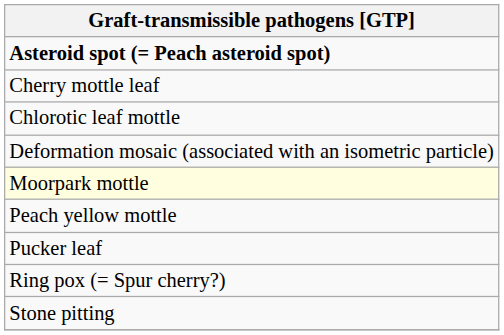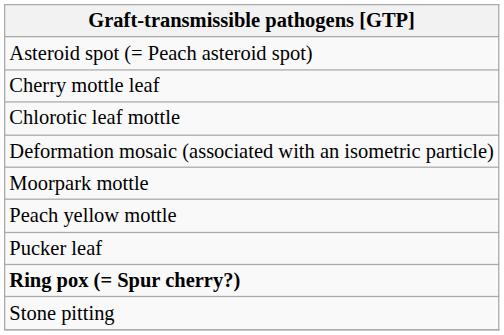 <table class="wikitable" style="clear">
 <tr>
 <th colspan=1><strong>Graft-transmissible pathogens [GTP]</strong><br></th>
 </tr>
 <tr>
-<td><strong>Asteroid spot (= Peach asteroid spot)</strong></td>
+<td>Asteroid spot (= Peach asteroid spot)</td>
 </tr>
 <tr>
 <td>Cherry mottle leaf</td>
 </tr>
 <tr>
 <td>Chlorotic leaf mottle</td>
 </tr>
 <tr>
 <td>Deformation mosaic (associated with an isometric particle)</td>
 </tr>
 <tr>
-<td style="background: lightyellow;">Moorpark mottle</td>
+<td>Moorpark mottle</td>
 </tr>
 <tr>
 <td>Peach yellow mottle</td>
 </tr>
 <tr>
 <td>Pucker leaf</td>
 </tr>
 <tr>
-<td>Ring pox (= Spur cherry?)</td>
+<td><strong>Ring pox (= Spur cherry?)</strong></td>
 </tr>
 <tr>
 <td>Stone pitting</td>
 </tr>
 <tr>
 </tr>
 </table>
